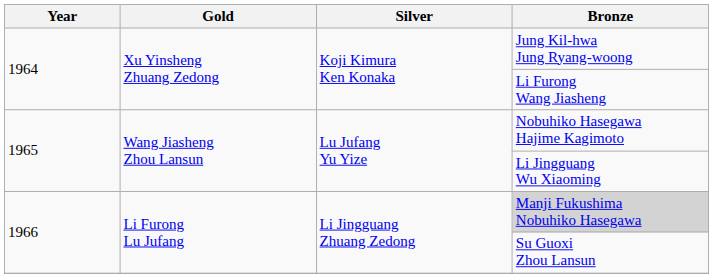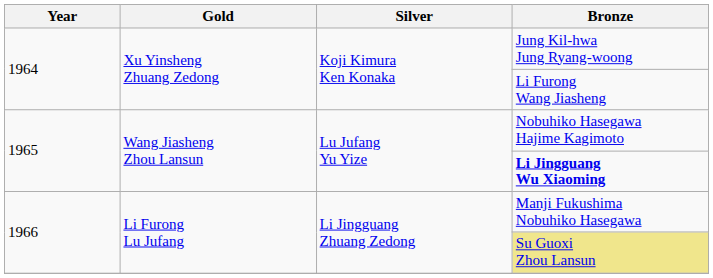 <table class="wikitable" style="text-align: left; width: 750px;">
 <tr>
 <th width="100">Year</th>
 <th width="175">Gold</th>
 <th width="175">Silver</th>
 <th width="175">Bronze</th>
 </tr>
 <tr>
 <td rowspan=2>1964</td>
 <td rowspan=2> <a href='#'>Xu Yinsheng</a><br> <a href='#'>Zhuang Zedong</a></td>
 <td rowspan=2> <a href='#'>Koji Kimura</a><br> <a href='#'>Ken Konaka</a></td>
 <td> <a href='#'>Jung Kil-hwa</a><br> <a href='#'>Jung Ryang-woong</a></td>
 </tr>
 <tr>
 <td> <a href='#'>Li Furong</a><br> <a href='#'>Wang Jiasheng</a></td>
 </tr>
 <tr>
 <td rowspan=2>1965</td>
 <td rowspan=2> <a href='#'>Wang Jiasheng</a><br> <a href='#'>Zhou Lansun</a></td>
 <td rowspan=2> <a href='#'>Lu Jufang</a><br> <a href='#'>Yu Yize</a></td>
 <td> <a href='#'>Nobuhiko Hasegawa</a><br> <a href='#'>Hajime Kagimoto</a></td>
 </tr>
 <tr>
-<td> <a href='#'>Li Jingguang</a><br> <a href='#'>Wu Xiaoming</a></td>
+<td><strong> <a href='#'>Li Jingguang</a><br> <a href='#'>Wu Xiaoming</a></strong></td>
 </tr>
 <tr>
 <td rowspan=2>1966</td>
 <td rowspan=2> <a href='#'>Li Furong</a><br> <a href='#'>Lu Jufang</a></td>
 <td rowspan=2> <a href='#'>Li Jingguang</a><br> <a href='#'>Zhuang Zedong</a></td>
-<td style="background: lightgrey;"> <a href='#'>Manji Fukushima</a><br> <a href='#'>Nobuhiko Hasegawa</a></td>
+<td> <a href='#'>Manji Fukushima</a><br> <a href='#'>Nobuhiko Hasegawa</a></td>
 </tr>
 <tr>
-<td> <a href='#'>Su Guoxi</a><br> <a href='#'>Zhou Lansun</a></td>
+<td style="background: khaki;"> <a href='#'>Su Guoxi</a><br> <a href='#'>Zhou Lansun</a></td>
 </tr>
 <tr>
 </tr>
 </table>
